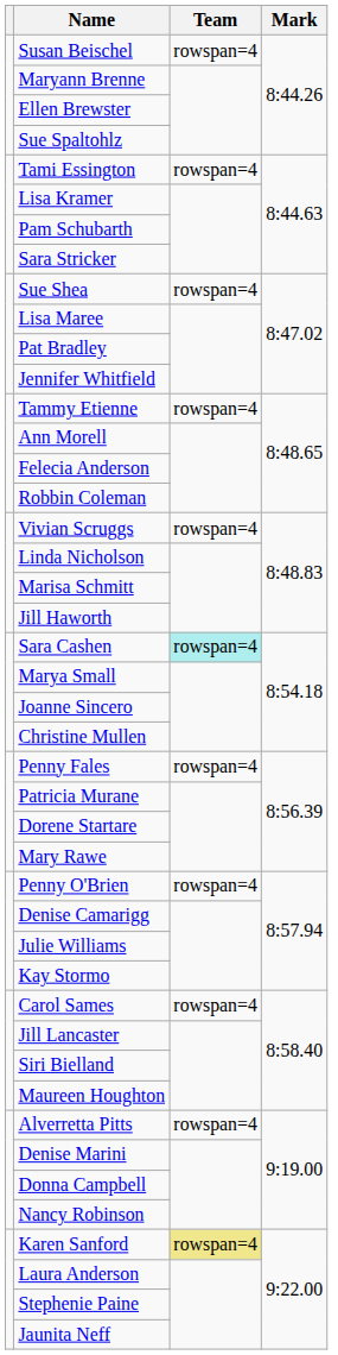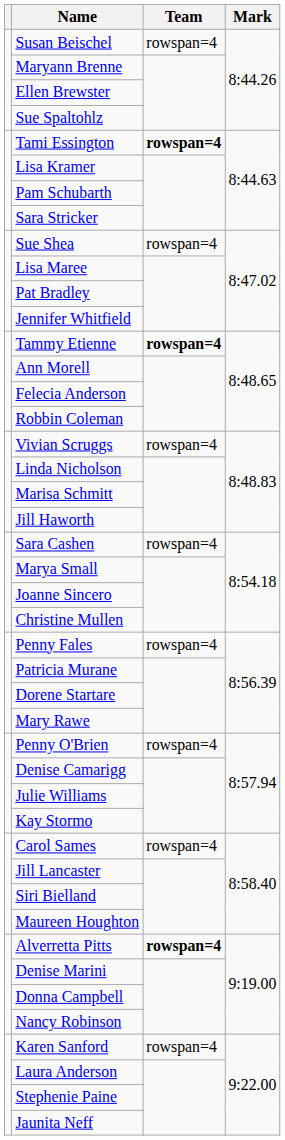 <table class=wikitable>
 <tr>
 <th></th>
 <th>Name</th>
 <th>Team</th>
 <th>Mark</th>
 </tr>
 <tr>
 <td rowspan=4></td>
 <td><a href='#'>Susan Beischel</a></td>
 <td>rowspan=4 </td>
 <td rowspan=4>8:44.26</td>
 </tr>
 <tr>
 <td><a href='#'>Maryann Brenne</a></td>
 </tr>
 <tr>
 <td><a href='#'>Ellen Brewster</a></td>
 </tr>
 <tr>
 <td><a href='#'>Sue Spaltohlz</a></td>
 </tr>
 <tr>
 <td rowspan=4></td>
 <td><a href='#'>Tami Essington</a></td>
-<td>rowspan=4 </td>
+<td><strong>rowspan=4 </strong></td>
 <td rowspan=4>8:44.63</td>
 </tr>
 <tr>
 <td><a href='#'>Lisa Kramer</a></td>
 </tr>
 <tr>
 <td><a href='#'>Pam Schubarth</a></td>
 </tr>
 <tr>
 <td><a href='#'>Sara Stricker</a></td>
 </tr>
 <tr>
 <td rowspan=4></td>
 <td><a href='#'>Sue Shea</a></td>
 <td>rowspan=4 </td>
 <td rowspan=4>8:47.02</td>
 </tr>
 <tr>
 <td><a href='#'>Lisa Maree</a></td>
 </tr>
 <tr>
 <td><a href='#'>Pat Bradley</a></td>
 </tr>
 <tr>
 <td><a href='#'>Jennifer Whitfield</a></td>
 </tr>
 <tr>
 <td rowspan=4></td>
 <td><a href='#'>Tammy Etienne</a></td>
-<td>rowspan=4 </td>
+<td><strong>rowspan=4 </strong></td>
 <td rowspan=4>8:48.65</td>
 </tr>
 <tr>
 <td><a href='#'>Ann Morell</a></td>
 </tr>
 <tr>
 <td><a href='#'>Felecia Anderson</a></td>
 </tr>
 <tr>
 <td><a href='#'>Robbin Coleman</a></td>
 </tr>
 <tr>
 <td rowspan=4></td>
 <td><a href='#'>Vivian Scruggs</a></td>
 <td>rowspan=4 </td>
 <td rowspan=4>8:48.83</td>
 </tr>
 <tr>
 <td><a href='#'>Linda Nicholson</a></td>
 </tr>
 <tr>
 <td><a href='#'>Marisa Schmitt</a></td>
 </tr>
 <tr>
 <td><a href='#'>Jill Haworth</a></td>
 </tr>
 <tr>
 <td rowspan=4></td>
 <td><a href='#'>Sara Cashen</a></td>
-<td style="background: paleturquoise;">rowspan=4 </td>
+<td>rowspan=4 </td>
 <td rowspan=4>8:54.18</td>
 </tr>
 <tr>
 <td><a href='#'>Marya Small</a></td>
 </tr>
 <tr>
 <td><a href='#'>Joanne Sincero</a></td>
 </tr>
 <tr>
 <td><a href='#'>Christine Mullen</a></td>
 </tr>
 <tr>
 <td rowspan=4></td>
 <td><a href='#'>Penny Fales</a></td>
 <td>rowspan=4 </td>
 <td rowspan=4>8:56.39</td>
 </tr>
 <tr>
 <td><a href='#'>Patricia Murane</a></td>
 </tr>
 <tr>
 <td><a href='#'>Dorene Startare</a></td>
 </tr>
 <tr>
 <td><a href='#'>Mary Rawe</a></td>
 </tr>
 <tr>
 <td rowspan=4></td>
 <td><a href='#'>Penny O'Brien</a></td>
 <td>rowspan=4 </td>
 <td rowspan=4>8:57.94</td>
 </tr>
 <tr>
 <td><a href='#'>Denise Camarigg</a></td>
 </tr>
 <tr>
 <td><a href='#'>Julie Williams</a></td>
 </tr>
 <tr>
 <td><a href='#'>Kay Stormo</a></td>
 </tr>
 <tr>
 <td rowspan=4></td>
 <td><a href='#'>Carol Sames</a></td>
 <td>rowspan=4 </td>
 <td rowspan=4>8:58.40</td>
 </tr>
 <tr>
 <td><a href='#'>Jill Lancaster</a></td>
 </tr>
 <tr>
 <td><a href='#'>Siri Bielland</a></td>
 </tr>
 <tr>
 <td><a href='#'>Maureen Houghton</a></td>
 </tr>
 <tr>
 <td rowspan=4></td>
 <td><a href='#'>Alverretta Pitts</a></td>
-<td>rowspan=4 </td>
+<td><strong>rowspan=4 </strong></td>
 <td rowspan=4>9:19.00</td>
 </tr>
 <tr>
 <td><a href='#'>Denise Marini</a></td>
 </tr>
 <tr>
 <td><a href='#'>Donna Campbell</a></td>
 </tr>
 <tr>
 <td><a href='#'>Nancy Robinson</a></td>
 </tr>
 <tr>
 <td rowspan=4></td>
 <td><a href='#'>Karen Sanford</a></td>
-<td style="background: khaki;">rowspan=4 </td>
+<td>rowspan=4 </td>
 <td rowspan=4>9:22.00</td>
 </tr>
 <tr>
 <td><a href='#'>Laura Anderson</a></td>
 </tr>
 <tr>
 <td><a href='#'>Stephenie Paine</a></td>
 </tr>
 <tr>
 <td><a href='#'>Jaunita Neff</a></td>
 </tr>
 </table>
